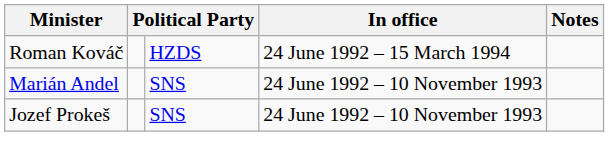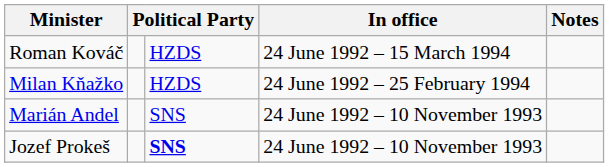 <table class="wikitable">
 <tr>
 <th>Minister</th>
 <th colspan="2">Political Party</th>
 <th>In office</th>
 <th>Notes</th>
 </tr>
 <tr>
 <td>Roman Kováč</td>
 <td style="background-color: "></td>
 <td><a href='#'>HZDS</a></td>
 <td>24 June 1992 – 15 March 1994</td>
 <td></td>
 </tr>
 <tr>
+<td><a href='#'>Milan Kňažko</a></td>
+<td style="background-color: "></td>
+<td><a href='#'>HZDS</a></td>
+<td>24 June 1992 – 25 February 1994</td>
+<td></td>
+</tr>
+<tr>
 <td><a href='#'>Marián Andel</a></td>
 <td style="background-color: "></td>
 <td><a href='#'>SNS</a></td>
 <td>24 June 1992 – 10 November 1993</td>
 <td></td>
 </tr>
 <tr>
 <td>Jozef Prokeš</td>
 <td style="background-color: "></td>
-<td><a href='#'>SNS</a></td>
+<td><strong><a href='#'>SNS</a></strong></td>
 <td>24 June 1992 – 10 November 1993</td>
 <td></td>
 </tr>
 </table>
